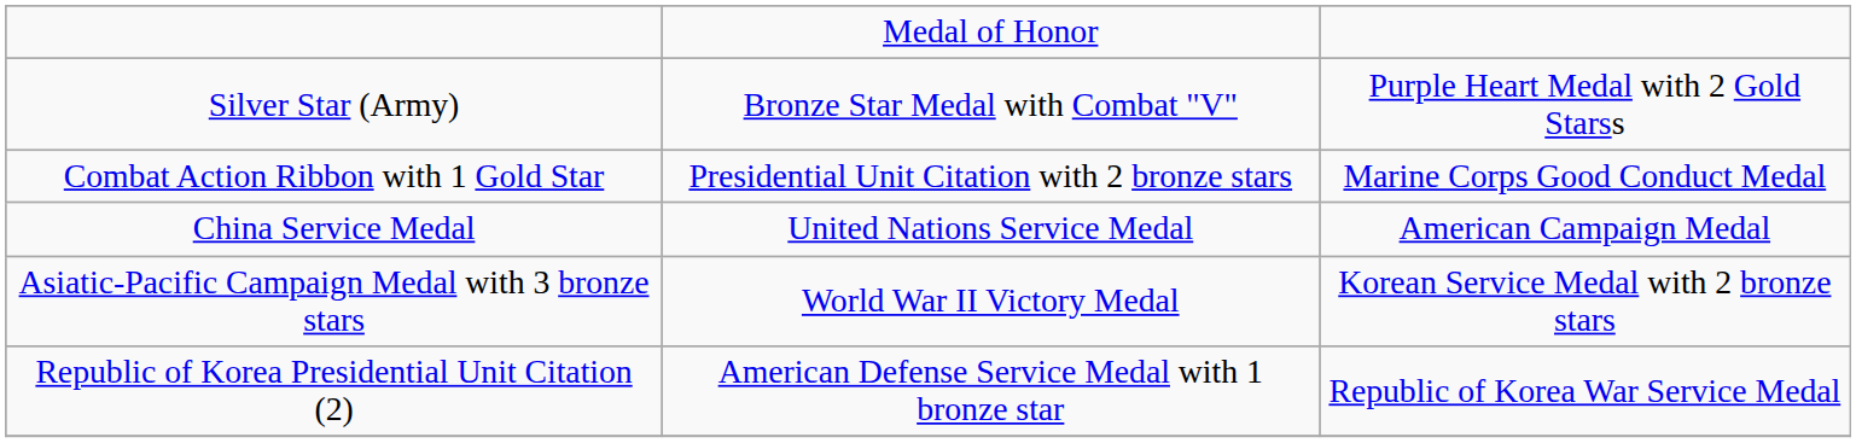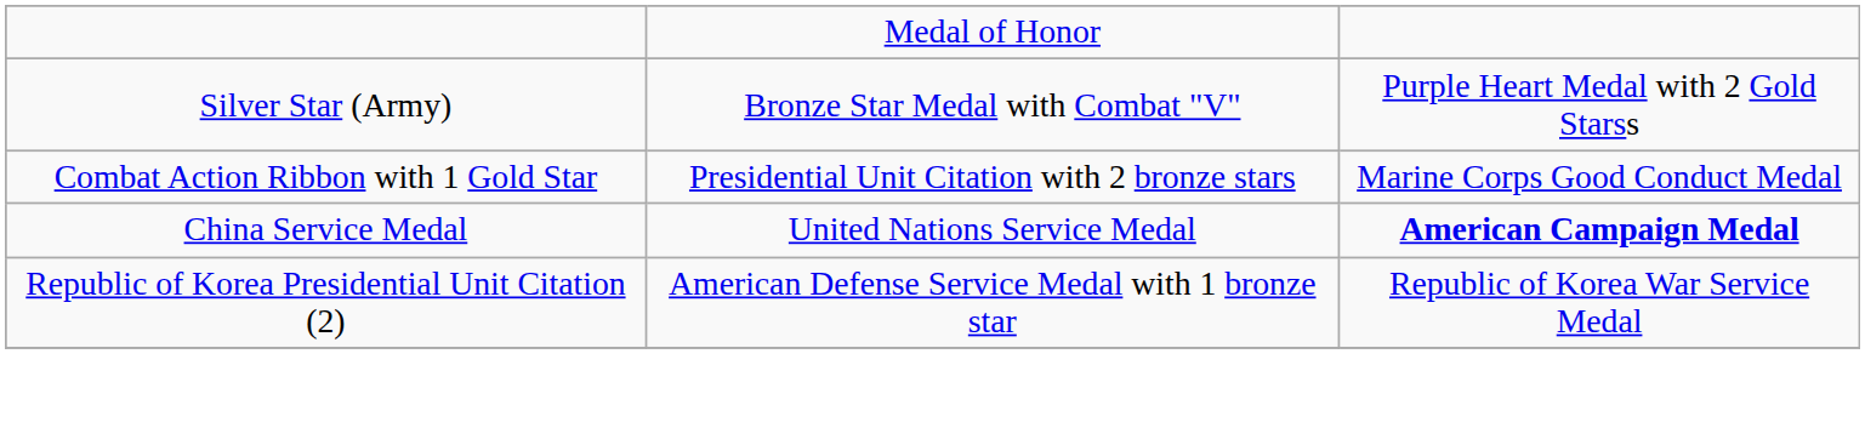 <table class="wikitable" style="margin:1em auto; text-align:center;">
 <tr>
 <td></td>
 <td><a href='#'>Medal of Honor</a></td>
 <td></td>
 </tr>
 <tr>
 <td><a href='#'>Silver Star</a> (Army)</td>
 <td><a href='#'>Bronze Star Medal</a> with <a href='#'>Combat "V"</a></td>
 <td><a href='#'>Purple Heart Medal</a> with 2 <a href='#'>Gold Stars</a>s</td>
 </tr>
 <tr>
 <td><a href='#'>Combat Action Ribbon</a> with 1 <a href='#'>Gold Star</a></td>
 <td><a href='#'>Presidential Unit Citation</a> with 2 <a href='#'>bronze stars</a></td>
 <td><a href='#'>Marine Corps Good Conduct Medal</a></td>
 </tr>
 <tr>
 <td><a href='#'>China Service Medal</a></td>
 <td><a href='#'>United Nations Service Medal</a></td>
-<td><a href='#'>American Campaign Medal</a></td>
-</tr>
-<tr>
-<td><a href='#'>Asiatic-Pacific Campaign Medal</a> with 3 <a href='#'>bronze stars</a></td>
-<td><a href='#'>World War II Victory Medal</a></td>
-<td><a href='#'>Korean Service Medal</a> with 2 <a href='#'>bronze stars</a></td>
+<td><strong><a href='#'>American Campaign Medal</a></strong></td>
 </tr>
 <tr>
 <td><a href='#'>Republic of Korea Presidential Unit Citation</a> (2)</td>
 <td><a href='#'>American Defense Service Medal</a> with 1 <a href='#'>bronze star</a></td>
 <td><a href='#'>Republic of Korea War Service Medal</a></td>
 </tr>
 <tr>
 </tr>
 </table>
